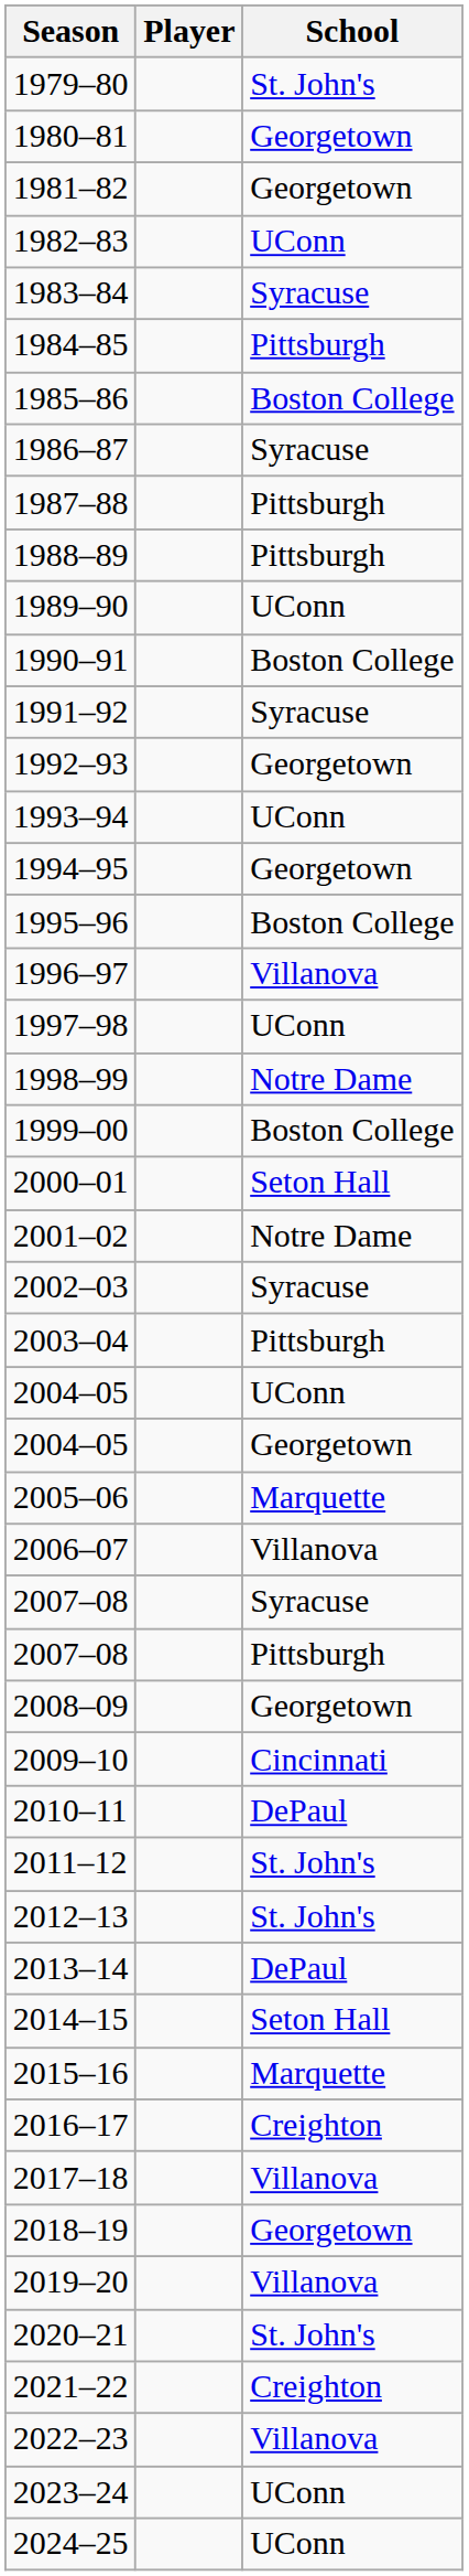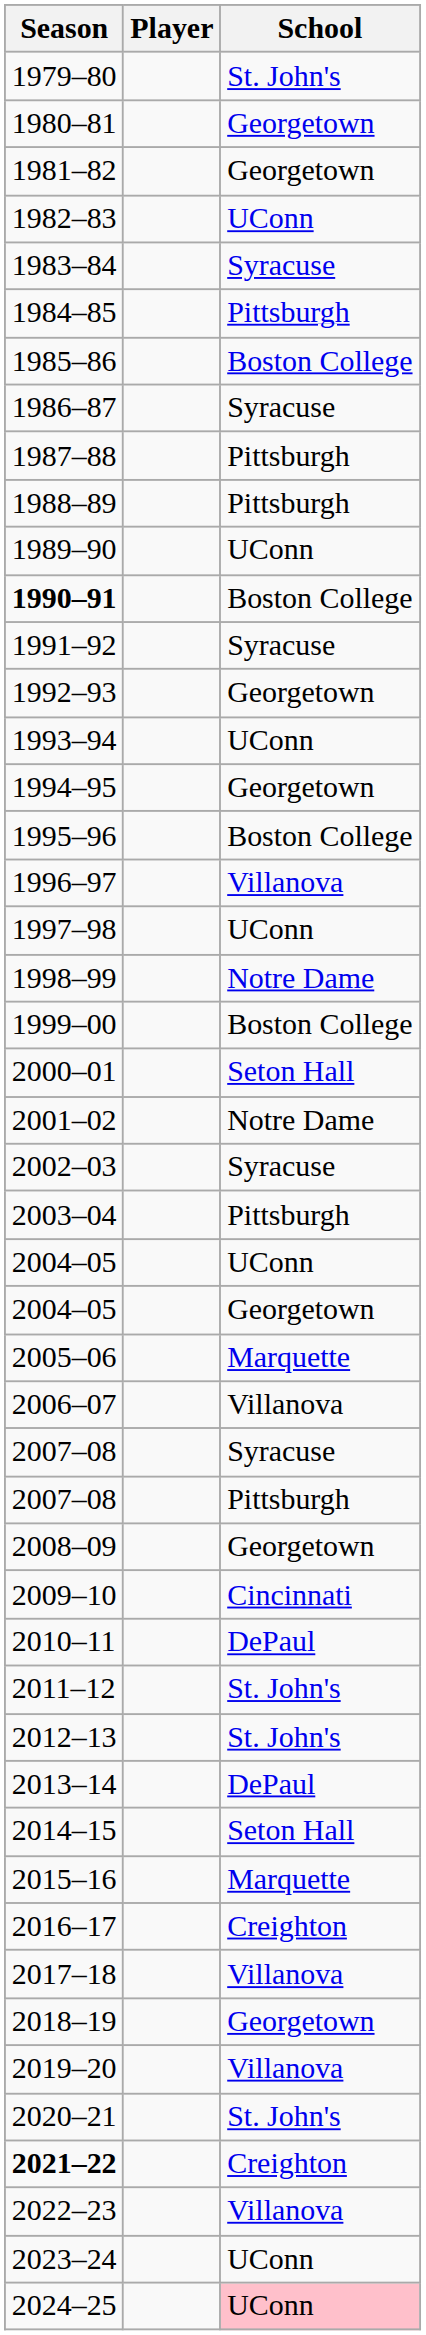 <table class="sortable wikitable">
 <tr>
 <th>Season</th>
 <th>Player</th>
 <th>School</th>
 </tr>
 <tr>
 <td>1979–80</td>
 <td></td>
 <td><a href='#'>St. John's</a></td>
 </tr>
 <tr>
 <td>1980–81</td>
 <td></td>
 <td><a href='#'>Georgetown</a></td>
 </tr>
 <tr>
 <td>1981–82</td>
 <td></td>
 <td>Georgetown</td>
 </tr>
 <tr>
 <td>1982–83</td>
 <td></td>
 <td><a href='#'>UConn</a></td>
 </tr>
 <tr>
 <td>1983–84</td>
 <td></td>
 <td><a href='#'>Syracuse</a></td>
 </tr>
 <tr>
 <td>1984–85</td>
 <td></td>
 <td><a href='#'>Pittsburgh</a></td>
 </tr>
 <tr>
 <td>1985–86</td>
 <td></td>
 <td><a href='#'>Boston College</a></td>
 </tr>
 <tr>
 <td>1986–87</td>
 <td></td>
 <td>Syracuse</td>
 </tr>
 <tr>
 <td>1987–88</td>
 <td></td>
 <td>Pittsburgh</td>
 </tr>
 <tr>
 <td>1988–89</td>
 <td></td>
 <td>Pittsburgh</td>
 </tr>
 <tr>
 <td>1989–90</td>
 <td></td>
 <td>UConn</td>
 </tr>
 <tr>
-<td>1990–91</td>
+<td><strong>1990–91</strong></td>
 <td></td>
 <td>Boston College</td>
 </tr>
 <tr>
 <td>1991–92</td>
 <td></td>
 <td>Syracuse</td>
 </tr>
 <tr>
 <td>1992–93</td>
 <td></td>
 <td>Georgetown</td>
 </tr>
 <tr>
 <td>1993–94</td>
 <td></td>
 <td>UConn</td>
 </tr>
 <tr>
 <td>1994–95</td>
 <td></td>
 <td>Georgetown</td>
 </tr>
 <tr>
 <td>1995–96</td>
 <td></td>
 <td>Boston College</td>
 </tr>
 <tr>
 <td>1996–97</td>
 <td></td>
 <td><a href='#'>Villanova</a></td>
 </tr>
 <tr>
 <td>1997–98</td>
 <td></td>
 <td>UConn</td>
 </tr>
 <tr>
 <td>1998–99</td>
 <td></td>
 <td><a href='#'>Notre Dame</a></td>
 </tr>
 <tr>
 <td>1999–00</td>
 <td></td>
 <td>Boston College</td>
 </tr>
 <tr>
 <td>2000–01</td>
 <td></td>
 <td><a href='#'>Seton Hall</a></td>
 </tr>
 <tr>
 <td>2001–02</td>
 <td></td>
 <td>Notre Dame</td>
 </tr>
 <tr>
 <td>2002–03</td>
 <td></td>
 <td>Syracuse</td>
 </tr>
 <tr>
 <td>2003–04</td>
 <td></td>
 <td>Pittsburgh</td>
 </tr>
 <tr>
 <td>2004–05</td>
 <td></td>
 <td>UConn</td>
 </tr>
 <tr>
 <td>2004–05</td>
 <td></td>
 <td>Georgetown</td>
 </tr>
 <tr>
 <td>2005–06</td>
 <td></td>
 <td><a href='#'>Marquette</a></td>
 </tr>
 <tr>
 <td>2006–07</td>
 <td></td>
 <td>Villanova</td>
 </tr>
 <tr>
 <td>2007–08</td>
 <td></td>
 <td>Syracuse</td>
 </tr>
 <tr>
 <td>2007–08</td>
 <td></td>
 <td>Pittsburgh</td>
 </tr>
 <tr>
 <td>2008–09</td>
 <td></td>
 <td>Georgetown</td>
 </tr>
 <tr>
 <td>2009–10</td>
 <td></td>
 <td><a href='#'>Cincinnati</a></td>
 </tr>
 <tr>
 <td>2010–11</td>
 <td></td>
 <td><a href='#'>DePaul</a></td>
 </tr>
 <tr>
 <td>2011–12</td>
 <td></td>
 <td><a href='#'>St. John's</a></td>
 </tr>
 <tr>
 <td>2012–13</td>
 <td></td>
 <td><a href='#'>St. John's</a></td>
 </tr>
 <tr>
 <td>2013–14</td>
 <td></td>
 <td><a href='#'>DePaul</a></td>
 </tr>
 <tr>
 <td>2014–15</td>
 <td></td>
 <td><a href='#'>Seton Hall</a></td>
 </tr>
 <tr>
 <td>2015–16</td>
 <td></td>
 <td><a href='#'>Marquette</a></td>
 </tr>
 <tr>
 <td>2016–17</td>
 <td></td>
 <td><a href='#'>Creighton</a></td>
 </tr>
 <tr>
 <td>2017–18</td>
 <td></td>
 <td><a href='#'>Villanova</a></td>
 </tr>
 <tr>
 <td>2018–19</td>
 <td></td>
 <td><a href='#'>Georgetown</a></td>
 </tr>
 <tr>
 <td>2019–20</td>
 <td></td>
 <td><a href='#'>Villanova</a></td>
 </tr>
 <tr>
 <td>2020–21</td>
 <td></td>
 <td><a href='#'>St. John's</a></td>
 </tr>
 <tr>
-<td>2021–22</td>
+<td><strong>2021–22</strong></td>
 <td></td>
 <td><a href='#'>Creighton</a></td>
 </tr>
 <tr>
 <td>2022–23</td>
 <td></td>
 <td><a href='#'>Villanova</a></td>
 </tr>
 <tr>
 <td>2023–24</td>
 <td></td>
 <td>UConn</td>
 </tr>
 <tr>
 <td>2024–25</td>
 <td></td>
-<td>UConn</td>
+<td style="background: pink;">UConn</td>
 </tr>
 </table>
